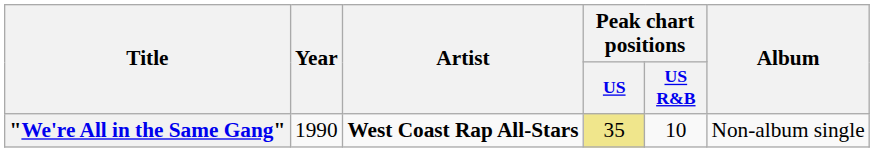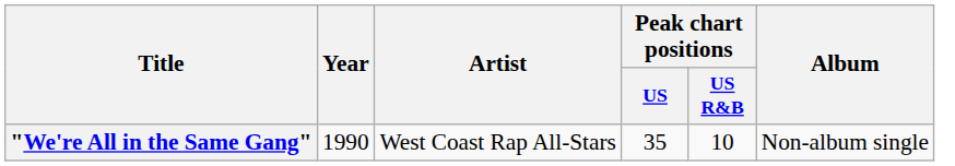 <table class="wikitable plainrowheaders" style="text-align:center;">
 <tr>
 <th rowspan="2">Title</th>
 <th rowspan="2">Year</th>
 <th rowspan="2">Artist</th>
 <th colspan="2">Peak chart positions</th>
 <th rowspan="2">Album</th>
 </tr>
 <tr style="font-size:smaller;">
 <th style="width:40px;"><a href='#'>US</a></th>
 <th style="width:40px;"><a href='#'>US R&B</a></th>
 </tr>
 <tr>
 <th scope="row">"<a href='#'>We're All in the Same Gang</a>"</th>
 <td>1990</td>
-<td><strong>West Coast Rap All-Stars</strong></td>
-<td style="background: khaki;">35</td>
+<td>West Coast Rap All-Stars</td>
+<td>35</td>
 <td>10</td>
 <td style="text-align:left;">Non-album single</td>
 </tr>
 </table>
